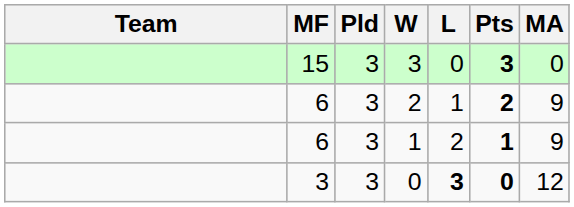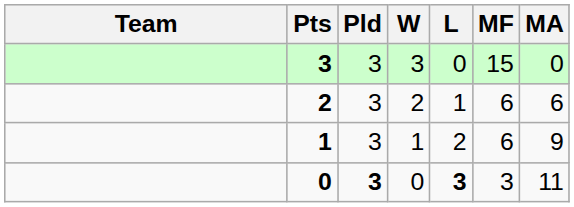 <table class=wikitable style="text-align:right">
 <tr>
 <th width=175>Team</th>
-<th width=20>MF</th>
+<th width=20>Pts</th>
 <th width=20>Pld</th>
 <th width=20>W</th>
 <th width=20>L</th>
-<th width=20>Pts</th>
+<th width=20>MF</th>
 <th width=20>MA</th>
 </tr>
 <tr bgcolor=ccffcc>
 <td style="text-align:left"><strong></strong></td>
-<td>15</td>
+<td><strong>3</strong></td>
 <td>3</td>
 <td>3</td>
 <td>0</td>
-<td><strong>3</strong></td>
+<td>15</td>
 <td>0</td>
 </tr>
 <tr>
 <td style="text-align:left"></td>
-<td>6</td>
+<td><strong>2</strong></td>
 <td>3</td>
 <td>2</td>
 <td>1</td>
-<td><strong>2</strong></td>
+<td>6</td>
+<td>6</td>
+</tr>
+<tr>
+<td style="text-align:left"></td>
+<td><strong>1</strong></td>
+<td>3</td>
+<td>1</td>
+<td>2</td>
+<td>6</td>
 <td>9</td>
 </tr>
 <tr>
 <td style="text-align:left"></td>
-<td>6</td>
-<td>3</td>
-<td>1</td>
-<td>2</td>
-<td><strong>1</strong></td>
-<td>9</td>
-</tr>
-<tr>
-<td style="text-align:left"></td>
-<td>3</td>
-<td>3</td>
+<td><strong>0</strong></td>
+<td><strong>3</strong></td>
 <td>0</td>
 <td><strong>3</strong></td>
-<td><strong>0</strong></td>
-<td>12</td>
+<td>3</td>
+<td>11</td>
 </tr>
 </table>
